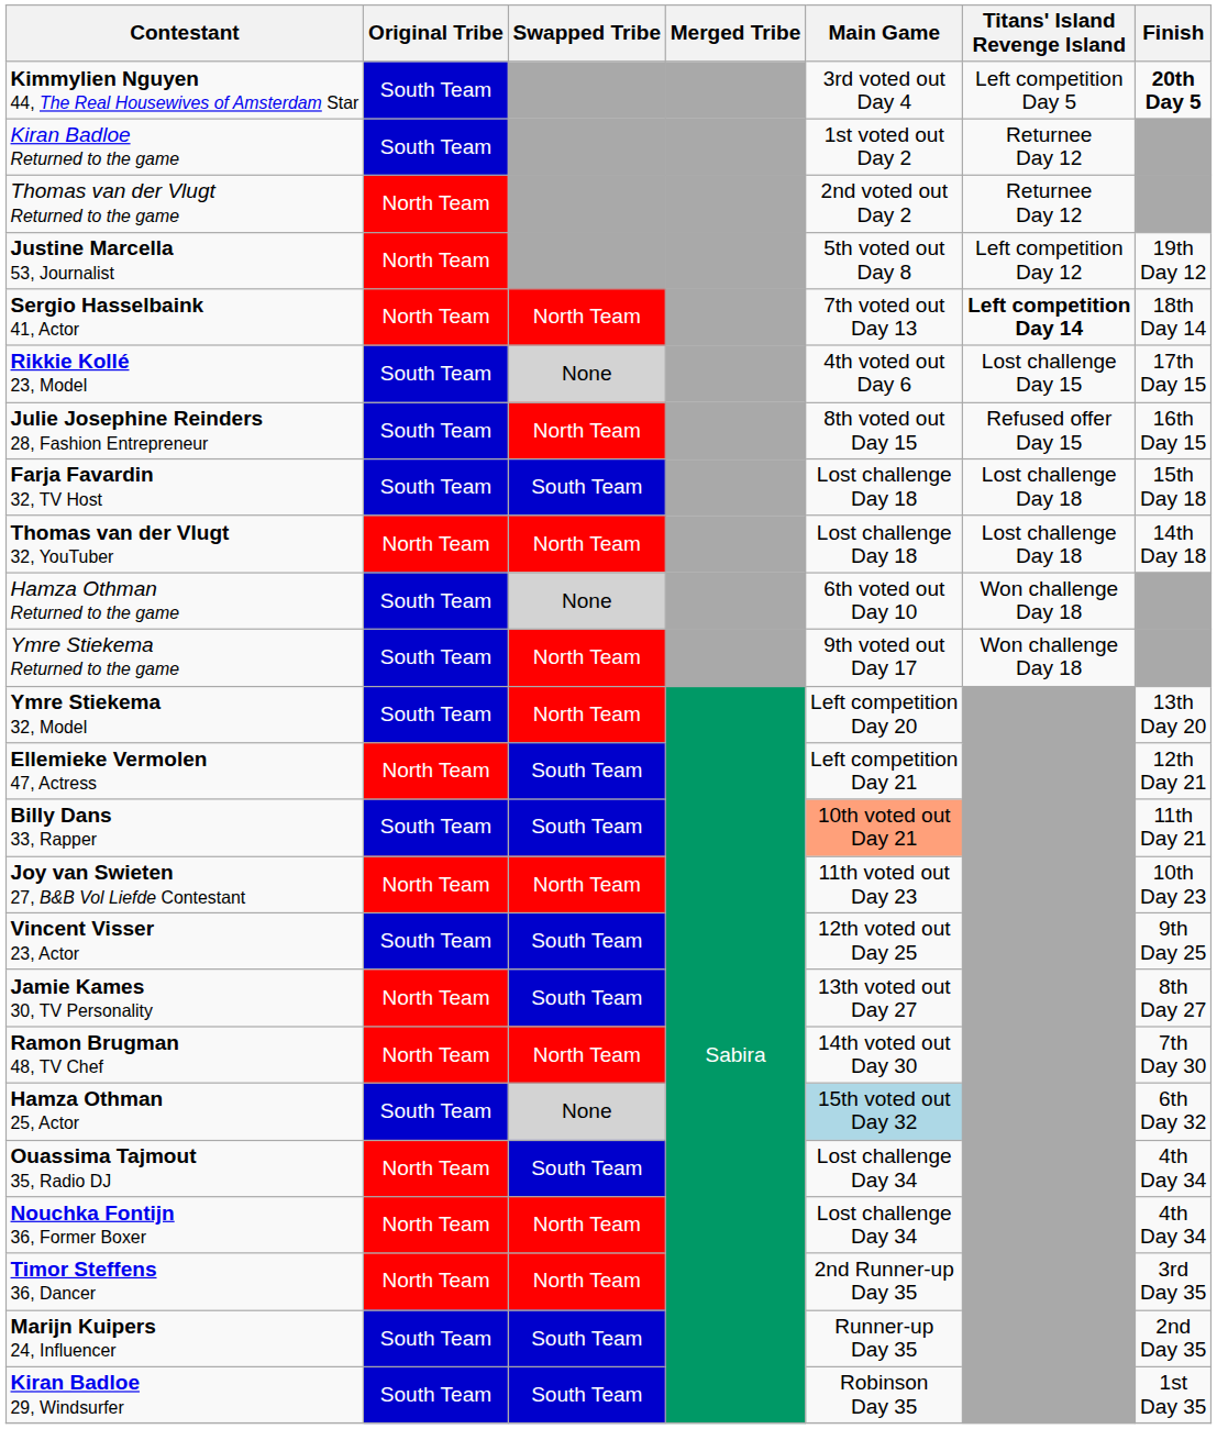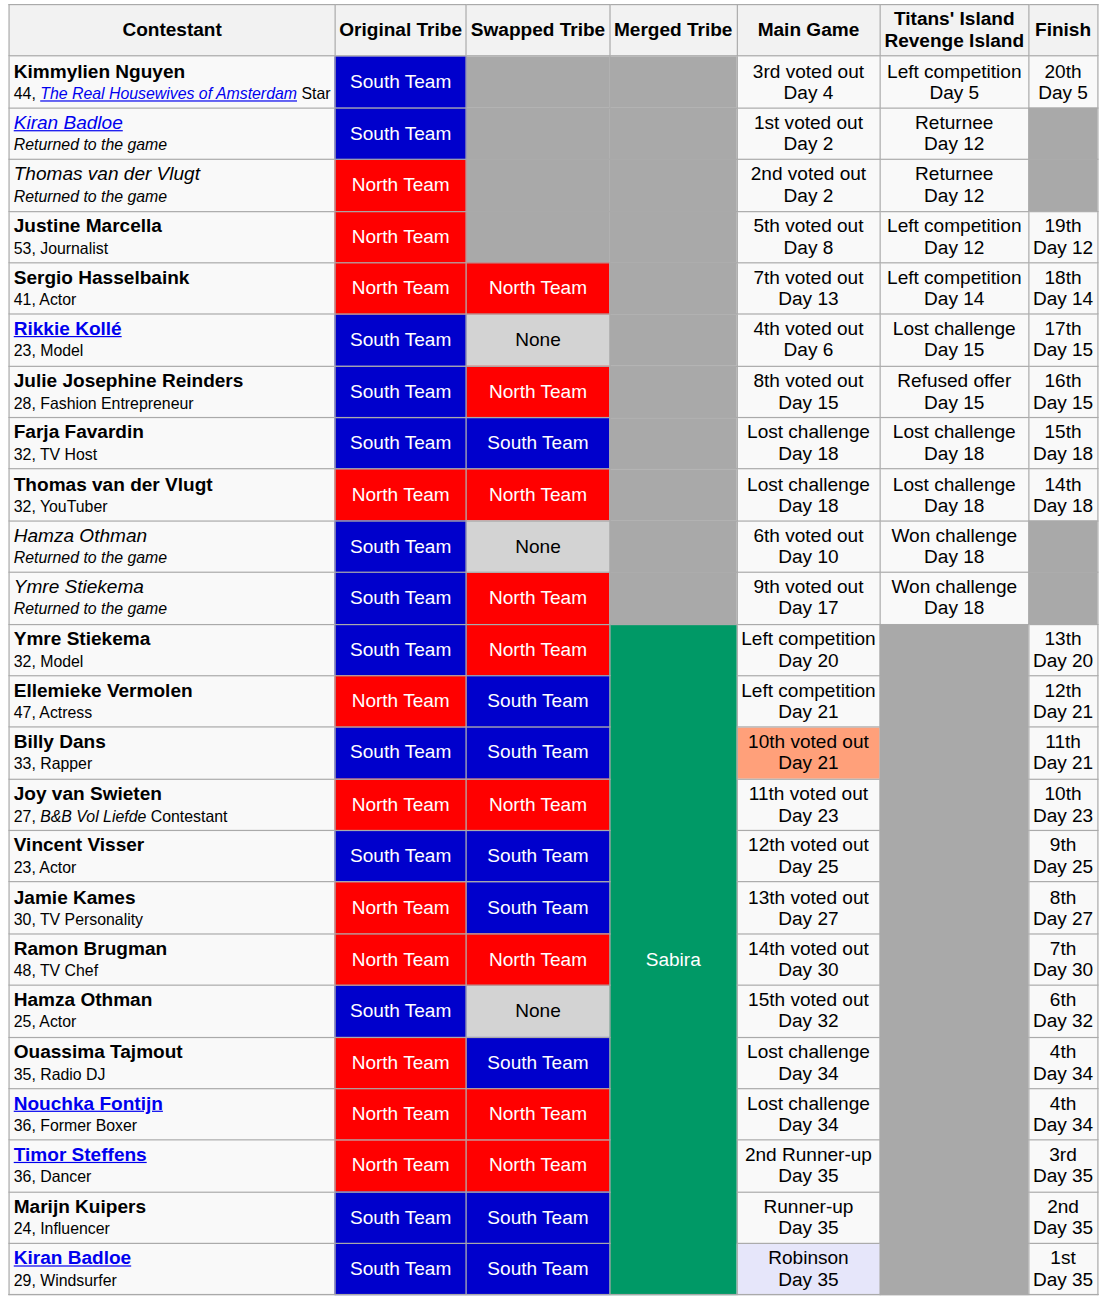 <table class="wikitable sortable" style="margin:auto; text-align:center">
 <tr>
 <th>Contestant</th>
 <th>Original Tribe</th>
 <th>Swapped Tribe</th>
 <th>Merged Tribe</th>
 <th>Main Game</th>
 <th>Titans' Island<br>Revenge Island</th>
 <th>Finish</th>
 </tr>
 <tr>
 <td style="text-align: left;"><strong>Kimmylien Nguyen</strong><br><small>44, <em><a href='#'>The Real Housewives of Amsterdam</a></em> Star</small></td>
 <td style="background:#0000cc; color:white;">South Team</td>
 <td bgcolor="darkgrey"></td>
 <td bgcolor="darkgrey"></td>
 <td>3rd voted out<br>Day 4</td>
 <td>Left competition<br>Day 5</td>
-<td><strong>20th<br>Day 5</strong></td>
+<td>20th<br>Day 5</td>
 </tr>
 <tr>
 <td style="text-align: left;"><em><a href='#'>Kiran Badloe</a></em><br><small><em>Returned to the game</em></small></td>
 <td style="background:#0000cc; color:white;">South Team</td>
 <td bgcolor="darkgrey"></td>
 <td bgcolor="darkgrey"></td>
 <td>1st voted out<br>Day 2</td>
 <td>Returnee<br>Day 12</td>
 <td bgcolor="darkgrey"></td>
 </tr>
 <tr>
 <td style="text-align: left;"><em>Thomas van der Vlugt</em><br><small><em>Returned to the game</em></small></td>
 <td style="background:#ff0000; color:white;">North Team</td>
 <td bgcolor="darkgrey"></td>
 <td bgcolor="darkgrey"></td>
 <td>2nd voted out<br>Day 2</td>
 <td>Returnee<br>Day 12</td>
 <td bgcolor="darkgrey"></td>
 </tr>
 <tr>
 <td style="text-align: left;"><strong>Justine Marcella</strong><br><small>53, Journalist</small></td>
 <td style="background:#ff0000; color:white;">North Team</td>
 <td bgcolor="darkgrey"></td>
 <td bgcolor="darkgrey"></td>
 <td>5th voted out<br>Day 8</td>
 <td>Left competition<br>Day 12</td>
 <td>19th<br>Day 12</td>
 </tr>
 <tr>
 <td style="text-align: left;"><strong>Sergio Hasselbaink</strong><br><small>41, Actor</small></td>
 <td style="background:#ff0000; color:white;">North Team</td>
 <td style="background:#ff0000; color:white;">North Team</td>
 <td bgcolor="darkgrey"></td>
 <td>7th voted out<br>Day 13</td>
-<td><strong>Left competition<br>Day 14</strong></td>
+<td>Left competition<br>Day 14</td>
 <td>18th<br>Day 14</td>
 </tr>
 <tr>
 <td style="text-align: left;"><strong><a href='#'>Rikkie Kollé</a></strong><br><small>23, Model</small></td>
 <td style="background:#0000cc; color:white;">South Team</td>
 <td bgcolor="lightgrey">None</td>
 <td bgcolor="darkgrey"></td>
 <td>4th voted out<br>Day 6</td>
 <td>Lost challenge<br>Day 15</td>
 <td>17th<br>Day 15</td>
 </tr>
 <tr>
 <td style="text-align: left;"><strong>Julie Josephine Reinders</strong><br><small>28, Fashion Entrepreneur</small></td>
 <td style="background:#0000cc; color:white;">South Team</td>
 <td style="background:#ff0000; color:white;">North Team</td>
 <td bgcolor="darkgrey"></td>
 <td>8th voted out<br>Day 15</td>
 <td>Refused offer<br>Day 15</td>
 <td>16th<br>Day 15</td>
 </tr>
 <tr>
 <td style="text-align: left;"><strong>Farja Favardin</strong><br><small>32, TV Host</small></td>
 <td style="background:#0000cc; color:white;">South Team</td>
 <td style="background:#0000cc; color:white;">South Team</td>
 <td bgcolor="darkgrey"></td>
 <td>Lost challenge<br>Day 18</td>
 <td>Lost challenge<br>Day 18</td>
 <td>15th<br>Day 18</td>
 </tr>
 <tr>
 <td style="text-align: left;"><strong>Thomas van der Vlugt</strong><br><small>32, YouTuber</small></td>
 <td style="background:#ff0000; color:white;">North Team</td>
 <td style="background:#ff0000; color:white;">North Team</td>
 <td bgcolor="darkgrey"></td>
 <td>Lost challenge<br>Day 18</td>
 <td>Lost challenge<br>Day 18</td>
 <td>14th<br>Day 18</td>
 </tr>
 <tr>
 <td style="text-align: left;"><em>Hamza Othman</em><br><small><em>Returned to the game</em></small></td>
 <td style="background:#0000cc; color:white;">South Team</td>
 <td bgcolor="lightgrey">None</td>
 <td bgcolor="darkgrey"></td>
 <td>6th voted out<br>Day 10</td>
 <td>Won challenge<br>Day 18</td>
 <td bgcolor="darkgrey"></td>
 </tr>
 <tr>
 <td style="text-align: left;"><em>Ymre Stiekema</em><br><small><em>Returned to the game</em></small></td>
 <td style="background:#0000cc; color:white;">South Team</td>
 <td style="background:#ff0000; color:white;">North Team</td>
 <td bgcolor="darkgrey"></td>
 <td>9th voted out<br>Day 17</td>
 <td>Won challenge<br>Day 18</td>
 <td bgcolor="darkgrey"></td>
 </tr>
 <tr>
 <td style="text-align: left;"><strong>Ymre Stiekema</strong><br><small>32, Model</small></td>
 <td style="background:#0000cc; color:white;">South Team</td>
 <td style="background:#ff0000; color:white;">North Team</td>
 <td rowspan="13" align="center" style="background:#009966; color:white;">Sabira</td>
 <td>Left competition<br>Day 20</td>
 <td rowspan="13" bgcolor="darkgrey"></td>
 <td>13th<br>Day 20</td>
 </tr>
 <tr>
 <td style="text-align: left;"><strong>Ellemieke Vermolen</strong><br><small>47, Actress</small></td>
 <td style="background:#ff0000; color:white;">North Team</td>
 <td style="background:#0000cc; color:white;">South Team</td>
 <td>Left competition<br>Day 21</td>
 <td>12th<br>Day 21</td>
 </tr>
 <tr>
 <td style="text-align: left;"><strong>Billy Dans</strong><br><small>33, Rapper</small></td>
 <td style="background:#0000cc; color:white;">South Team</td>
 <td style="background:#0000cc; color:white;">South Team</td>
 <td style="background: lightsalmon;">10th voted out<br>Day 21</td>
 <td>11th<br>Day 21</td>
 </tr>
 <tr>
 <td style="text-align: left;"><strong>Joy van Swieten</strong><br><small>27, <em>B&B Vol Liefde</em> Contestant</small></td>
 <td style="background:#ff0000; color:white;">North Team</td>
 <td style="background:#ff0000; color:white;">North Team</td>
 <td>11th voted out<br>Day 23</td>
 <td>10th<br>Day 23</td>
 </tr>
 <tr>
 <td style="text-align: left;"><strong>Vincent Visser</strong><br><small>23, Actor</small></td>
 <td style="background:#0000cc; color:white;">South Team</td>
 <td style="background:#0000cc; color:white;">South Team</td>
 <td>12th voted out<br>Day 25</td>
 <td>9th<br>Day 25</td>
 </tr>
 <tr>
 <td style="text-align: left;"><strong>Jamie Kames</strong><br><small>30, TV Personality</small></td>
 <td style="background:#ff0000; color:white;">North Team</td>
 <td style="background:#0000cc; color:white;">South Team</td>
 <td>13th voted out<br>Day 27</td>
 <td>8th<br>Day 27</td>
 </tr>
 <tr>
 <td style="text-align: left;"><strong>Ramon Brugman</strong><br><small>48, TV Chef</small></td>
 <td style="background:#ff0000; color:white;">North Team</td>
 <td style="background:#ff0000; color:white;">North Team</td>
 <td>14th voted out<br>Day 30</td>
 <td>7th<br>Day 30</td>
 </tr>
 <tr>
 <td style="text-align: left;"><strong>Hamza Othman</strong><br><small>25, Actor</small></td>
 <td style="background:#0000cc; color:white;">South Team</td>
 <td bgcolor="lightgrey">None</td>
-<td style="background: lightblue;">15th voted out<br>Day 32</td>
+<td>15th voted out<br>Day 32</td>
 <td>6th<br>Day 32</td>
 </tr>
 <tr>
 <td style="text-align: left;"><strong>Ouassima Tajmout</strong><br><small>35, Radio DJ</small></td>
 <td style="background:#ff0000; color:white;">North Team</td>
 <td style="background:#0000cc; color:white;">South Team</td>
 <td>Lost challenge<br>Day 34</td>
 <td>4th<br>Day 34</td>
 </tr>
 <tr>
 <td style="text-align: left;"><strong><a href='#'>Nouchka Fontijn</a></strong><br><small>36, Former Boxer</small></td>
 <td style="background:#ff0000; color:white;">North Team</td>
 <td style="background:#ff0000; color:white;">North Team</td>
 <td>Lost challenge<br>Day 34</td>
 <td>4th<br>Day 34</td>
 </tr>
 <tr>
 <td style="text-align: left;"><strong><a href='#'>Timor Steffens</a></strong><br><small>36, Dancer</small></td>
 <td style="background:#ff0000; color:white;">North Team</td>
 <td style="background:#ff0000; color:white;">North Team</td>
 <td>2nd Runner-up<br>Day 35</td>
 <td>3rd<br>Day 35</td>
 </tr>
 <tr>
 <td style="text-align: left;"><strong>Marijn Kuipers</strong><br><small>24, Influencer</small></td>
 <td style="background:#0000cc; color:white;">South Team</td>
 <td style="background:#0000cc; color:white;">South Team</td>
 <td>Runner-up<br>Day 35</td>
 <td>2nd<br>Day 35</td>
 </tr>
 <tr>
 <td style="text-align: left;"><strong><a href='#'>Kiran Badloe</a></strong><br><small>29, Windsurfer</small></td>
 <td style="background:#0000cc; color:white;">South Team</td>
 <td style="background:#0000cc; color:white;">South Team</td>
-<td>Robinson<br>Day 35</td>
+<td style="background: lavender;">Robinson<br>Day 35</td>
 <td>1st<br>Day 35</td>
 </tr>
 <tr>
 </tr>
 </table>
